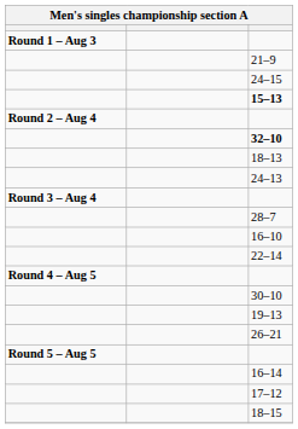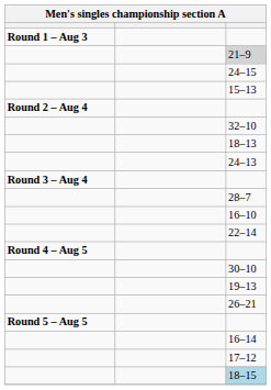 <table class="wikitable">
 <tr>
 <th colspan="3">Men's singles championship section A</th>
 </tr>
 <tr>
 <th width=150></th>
 <th width=150></th>
 <th width=50></th>
 </tr>
 <tr>
 <td><strong>Round 1 – Aug 3</strong></td>
 <td></td>
 <td></td>
 </tr>
 <tr>
 <td></td>
 <td></td>
-<td>21–9</td>
+<td style="background: lightgrey;">21–9</td>
 </tr>
 <tr>
 <td></td>
 <td></td>
 <td>24–15</td>
 </tr>
 <tr>
 <td></td>
 <td></td>
-<td><strong>15–13</strong></td>
+<td>15–13</td>
 </tr>
 <tr>
 <td><strong>Round 2 – Aug 4</strong></td>
 <td></td>
 <td></td>
 </tr>
 <tr>
 <td></td>
 <td></td>
-<td><strong>32–10</strong></td>
+<td>32–10</td>
 </tr>
 <tr>
 <td></td>
 <td></td>
 <td>18–13</td>
 </tr>
 <tr>
 <td></td>
 <td></td>
 <td>24–13</td>
 </tr>
 <tr>
 <td><strong>Round 3 – Aug 4</strong></td>
 <td></td>
 <td></td>
 </tr>
 <tr>
 <td></td>
 <td></td>
 <td>28–7</td>
 </tr>
 <tr>
 <td></td>
 <td></td>
 <td>16–10</td>
 </tr>
 <tr>
 <td></td>
 <td></td>
 <td>22–14</td>
 </tr>
 <tr>
 <td><strong>Round 4 – Aug 5</strong></td>
 <td></td>
 <td></td>
 </tr>
 <tr>
 <td></td>
 <td></td>
 <td>30–10</td>
 </tr>
 <tr>
 <td></td>
 <td></td>
 <td>19–13</td>
 </tr>
 <tr>
 <td></td>
 <td></td>
 <td>26–21</td>
 </tr>
 <tr>
 <td><strong>Round 5 – Aug 5</strong></td>
 <td></td>
 <td></td>
 </tr>
 <tr>
 <td></td>
 <td></td>
 <td>16–14</td>
 </tr>
 <tr>
 <td></td>
 <td></td>
 <td>17–12</td>
 </tr>
 <tr>
 <td></td>
 <td></td>
-<td>18–15</td>
+<td style="background: lightblue;">18–15</td>
 </tr>
 <tr>
 </tr>
 </table>
